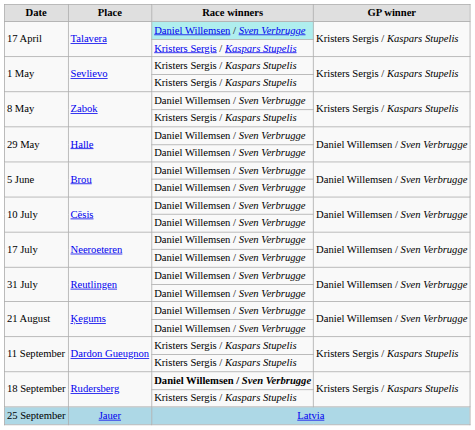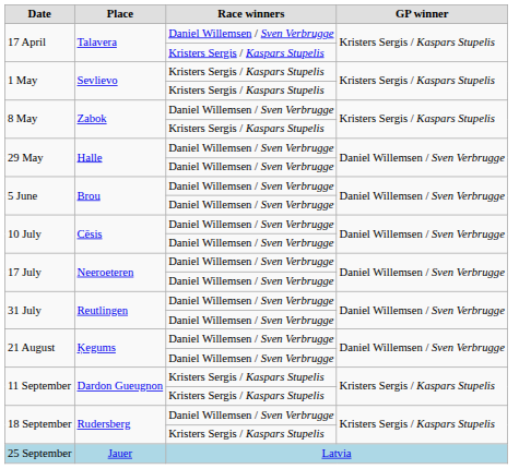 <table class="wikitable" style="font-size: 85%;">
 <tr align="center" style="background:#dfdfdf;">
 <td><strong>Date</strong></td>
 <td><strong>Place</strong></td>
 <td><strong>Race winners</strong></td>
 <td><strong>GP winner</strong></td>
 </tr>
 <tr>
 <td rowspan=2>17 April</td>
 <td rowspan=2> <a href='#'>Talavera</a></td>
-<td style="background: paleturquoise;"> <a href='#'>Daniel Willemsen</a> /  <em><a href='#'>Sven Verbrugge</a></em></td>
+<td> <a href='#'>Daniel Willemsen</a> /  <em><a href='#'>Sven Verbrugge</a></em></td>
 <td rowspan=2> Kristers Sergis / <em>Kaspars Stupelis</em></td>
 </tr>
 <tr>
 <td> <a href='#'>Kristers Sergis</a> / <em><a href='#'>Kaspars Stupelis</a></em></td>
 </tr>
 <tr>
 <td rowspan=2>1 May</td>
 <td rowspan=2> <a href='#'>Sevlievo</a></td>
 <td> Kristers Sergis / <em>Kaspars Stupelis</em></td>
 <td rowspan=2> Kristers Sergis / <em>Kaspars Stupelis</em></td>
 </tr>
 <tr>
 <td> Kristers Sergis / <em>Kaspars Stupelis</em></td>
 </tr>
 <tr>
 <td rowspan=2>8 May</td>
 <td rowspan=2> <a href='#'>Zabok</a></td>
 <td> Daniel Willemsen /  <em>Sven Verbrugge</em></td>
 <td rowspan=2> Kristers Sergis / <em>Kaspars Stupelis</em></td>
 </tr>
 <tr>
 <td> Kristers Sergis / <em>Kaspars Stupelis</em></td>
 </tr>
 <tr>
 <td rowspan=2>29 May</td>
 <td rowspan=2> <a href='#'>Halle</a></td>
 <td> Daniel Willemsen /  <em>Sven Verbrugge</em></td>
 <td rowspan=2> Daniel Willemsen /  <em>Sven Verbrugge</em></td>
 </tr>
 <tr>
 <td> Daniel Willemsen /  <em>Sven Verbrugge</em></td>
 </tr>
 <tr>
 <td rowspan=2>5 June</td>
 <td rowspan=2> <a href='#'>Brou</a></td>
 <td> Daniel Willemsen /  <em>Sven Verbrugge</em></td>
 <td rowspan=2> Daniel Willemsen /  <em>Sven Verbrugge</em></td>
 </tr>
 <tr>
 <td> Daniel Willemsen /  <em>Sven Verbrugge</em></td>
 </tr>
 <tr>
 <td rowspan=2>10 July</td>
 <td rowspan=2> <a href='#'>Cēsis</a></td>
 <td> Daniel Willemsen /  <em>Sven Verbrugge</em></td>
 <td rowspan=2> Daniel Willemsen /  <em>Sven Verbrugge</em></td>
 </tr>
 <tr>
 <td> Daniel Willemsen /  <em>Sven Verbrugge</em></td>
 </tr>
 <tr>
 <td rowspan=2>17 July</td>
 <td rowspan=2> <a href='#'>Neeroeteren</a></td>
 <td> Daniel Willemsen /  <em>Sven Verbrugge</em></td>
 <td rowspan=2> Daniel Willemsen /  <em>Sven Verbrugge</em></td>
 </tr>
 <tr>
 <td> Daniel Willemsen /  <em>Sven Verbrugge</em></td>
 </tr>
 <tr>
 <td rowspan=2>31 July</td>
 <td rowspan=2> <a href='#'>Reutlingen</a></td>
 <td> Daniel Willemsen /  <em>Sven Verbrugge</em></td>
 <td rowspan=2> Daniel Willemsen /  <em>Sven Verbrugge</em></td>
 </tr>
 <tr>
 <td> Daniel Willemsen /  <em>Sven Verbrugge</em></td>
 </tr>
 <tr>
 <td rowspan=2>21 August</td>
 <td rowspan=2> <a href='#'>Ķegums</a></td>
 <td> Daniel Willemsen /  <em>Sven Verbrugge</em></td>
 <td rowspan=2> Daniel Willemsen /  <em>Sven Verbrugge</em></td>
 </tr>
 <tr>
 <td> Daniel Willemsen /  <em>Sven Verbrugge</em></td>
 </tr>
 <tr>
 <td rowspan=2>11 September</td>
 <td rowspan=2> <a href='#'>Dardon Gueugnon</a></td>
 <td> Kristers Sergis / <em>Kaspars Stupelis</em></td>
 <td rowspan=2> Kristers Sergis / <em>Kaspars Stupelis</em></td>
 </tr>
 <tr>
 <td> Kristers Sergis / <em>Kaspars Stupelis</em></td>
 </tr>
 <tr>
 <td rowspan=2>18 September</td>
 <td rowspan=2> <a href='#'>Rudersberg</a></td>
-<td><strong> Daniel Willemsen /  <em>Sven Verbrugge</em></strong></td>
+<td> Daniel Willemsen /  <em>Sven Verbrugge</em></td>
 <td rowspan=2> Kristers Sergis / <em>Kaspars Stupelis</em></td>
 </tr>
 <tr>
 <td> Kristers Sergis / <em>Kaspars Stupelis</em></td>
 </tr>
 <tr align="center" style="background:lightblue;">
 <td rowspan=2>25 September</td>
 <td rowspan=2> <a href='#'>Jauer</a></td>
 <td colspan=2 align="center"> <a href='#'>Latvia</a></td>
 </tr>
 </table>
